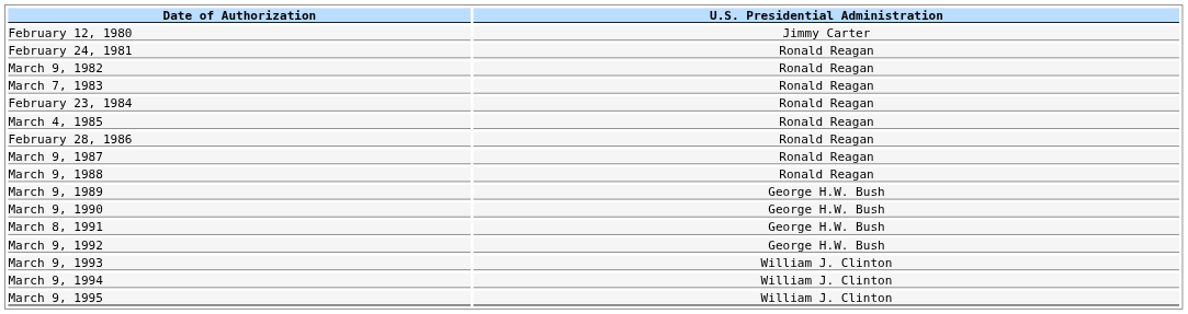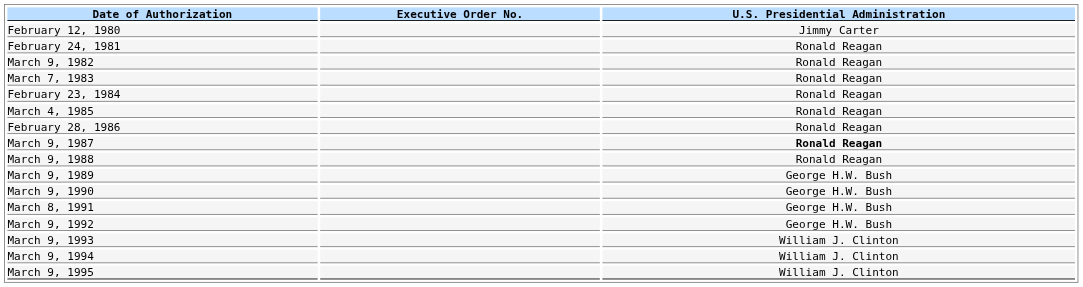 <table style="border:1px solid gray; align:left; width:100%" cellspacing=3 cellpadding=0>
 <tr style="font-weight:bold; text-align:center; background:#bbddff; color:black;">
 <th style=" border-bottom:1.5px solid black">Date of Authorization</th>
+<th style=" border-bottom:1.5px solid black">Executive Order No.</th>
 <th style=" border-bottom:1.5px solid black">U.S. Presidential Administration</th>
 </tr>
 <tr>
 <td style="border-bottom:1px solid gray; background:#F5F5F5;">February 12, 1980</td>
+<td style="border-bottom:1px solid gray; background:#F5F5F5; text-align:center;"></td>
 <td style="border-bottom:1px solid gray; background:#F5F5F5; text-align:center;">Jimmy Carter</td>
 </tr>
 <tr>
 <td style="border-bottom:1px solid gray; background:#F5F5F5;">February 24, 1981</td>
+<td style="border-bottom:1px solid gray; background:#F5F5F5; text-align:center;"></td>
 <td style="border-bottom:1px solid gray; background:#F5F5F5; text-align:center;">Ronald Reagan</td>
 </tr>
 <tr>
 <td style="border-bottom:1px solid gray; background:#F5F5F5;">March 9, 1982</td>
+<td style="border-bottom:1px solid gray; background:#F5F5F5; text-align:center;"></td>
 <td style="border-bottom:1px solid gray; background:#F5F5F5; text-align:center;">Ronald Reagan</td>
 </tr>
 <tr>
 <td style="border-bottom:1px solid gray; background:#F5F5F5;">March 7, 1983</td>
+<td style="border-bottom:1px solid gray; background:#F5F5F5; text-align:center;"></td>
 <td style="border-bottom:1px solid gray; background:#F5F5F5; text-align:center;">Ronald Reagan</td>
 </tr>
 <tr>
 <td style="border-bottom:1px solid gray; background:#F5F5F5;">February 23, 1984</td>
+<td style="border-bottom:1px solid gray; background:#F5F5F5; text-align:center;"></td>
 <td style="border-bottom:1px solid gray; background:#F5F5F5; text-align:center;">Ronald Reagan</td>
 </tr>
 <tr>
 <td style="border-bottom:1px solid gray; background:#F5F5F5;">March 4, 1985</td>
+<td style="border-bottom:1px solid gray; background:#F5F5F5; text-align:center;"></td>
 <td style="border-bottom:1px solid gray; background:#F5F5F5; text-align:center;">Ronald Reagan</td>
 </tr>
 <tr>
 <td style="border-bottom:1px solid gray; background:#F5F5F5;">February 28, 1986</td>
+<td style="border-bottom:1px solid gray; background:#F5F5F5; text-align:center;"></td>
 <td style="border-bottom:1px solid gray; background:#F5F5F5; text-align:center;">Ronald Reagan</td>
 </tr>
 <tr>
 <td style="border-bottom:1px solid gray; background:#F5F5F5;">March 9, 1987</td>
-<td style="border-bottom:1px solid gray; background:#F5F5F5; text-align:center;">Ronald Reagan</td>
+<td style="border-bottom:1px solid gray; background:#F5F5F5; text-align:center;"></td>
+<td style="border-bottom:1px solid gray; background:#F5F5F5; text-align:center;"><strong>Ronald Reagan</strong></td>
 </tr>
 <tr>
 <td style="border-bottom:1px solid gray; background:#F5F5F5;">March 9, 1988</td>
+<td style="border-bottom:1px solid gray; background:#F5F5F5; text-align:center;"></td>
 <td style="border-bottom:1px solid gray; background:#F5F5F5; text-align:center;">Ronald Reagan</td>
 </tr>
 <tr>
 <td style="border-bottom:1px solid gray; background:#F5F5F5;">March 9, 1989</td>
+<td style="border-bottom:1px solid gray; background:#F5F5F5; text-align:center;"></td>
 <td style="border-bottom:1px solid gray; background:#F5F5F5; text-align:center;">George H.W. Bush</td>
 </tr>
 <tr>
 <td style="border-bottom:1px solid gray; background:#F5F5F5;">March 9, 1990</td>
+<td style="border-bottom:1px solid gray; background:#F5F5F5; text-align:center;"></td>
 <td style="border-bottom:1px solid gray; background:#F5F5F5; text-align:center;">George H.W. Bush</td>
 </tr>
 <tr>
 <td style="border-bottom:1px solid gray; background:#F5F5F5;">March 8, 1991</td>
+<td style="border-bottom:1px solid gray; background:#F5F5F5; text-align:center;"></td>
 <td style="border-bottom:1px solid gray; background:#F5F5F5; text-align:center;">George H.W. Bush</td>
 </tr>
 <tr>
 <td style="border-bottom:1px solid gray; background:#F5F5F5;">March 9, 1992</td>
+<td style="border-bottom:1px solid gray; background:#F5F5F5; text-align:center;"></td>
 <td style="border-bottom:1px solid gray; background:#F5F5F5; text-align:center;">George H.W. Bush</td>
 </tr>
 <tr>
 <td style="border-bottom:1px solid gray; background:#F5F5F5;">March 9, 1993</td>
+<td style="border-bottom:1px solid gray; background:#F5F5F5; text-align:center;"></td>
 <td style="border-bottom:1px solid gray; background:#F5F5F5; text-align:center;">William J. Clinton</td>
 </tr>
 <tr>
 <td style="border-bottom:1px solid gray; background:#F5F5F5;">March 9, 1994</td>
+<td style="border-bottom:1px solid gray; background:#F5F5F5; text-align:center;"></td>
 <td style="border-bottom:1px solid gray; background:#F5F5F5; text-align:center;">William J. Clinton</td>
 </tr>
 <tr>
 <td style="border-bottom:1.5px solid black; background:#F5F5F5;">March 9, 1995</td>
+<td style="border-bottom:1.5px solid black; background:#F5F5F5; text-align:center;"></td>
 <td style="border-bottom:1.5px solid black; background:#F5F5F5; text-align:center;">William J. Clinton</td>
 </tr>
 </table>
